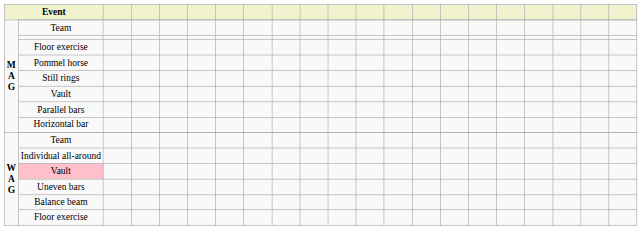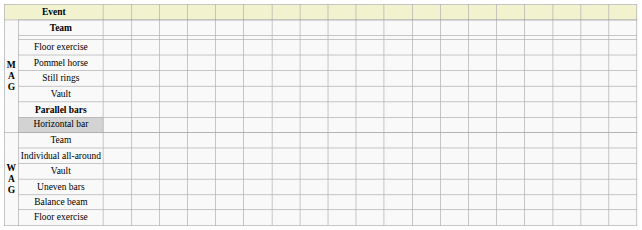 <table class="wikitable" style="margin-top:0em; text-align:center; font-size:91%;">
 <tr>
 <th style="background-color:#f2f2ce; width:10.0em;" colspan=2>Event</th>
 <th style="background-color:#f2f2ce; width:2.5em;"><br></th>
 <th style="background-color:#f2f2ce; width:2.5em;"><br></th>
 <th style="background-color:#f2f2ce; width:2.5em;"><br></th>
 <th style="background-color:#f2f2ce; width:2.5em;"><br></th>
 <th style="background-color:#f2f2ce; width:2.5em;"><br></th>
 <th style="background-color:#f2f2ce; width:2.5em;"><br></th>
 <th style="background-color:#f2f2ce; width:2.5em;"><br></th>
 <th style="background-color:#f2f2ce; width:2.5em;"><br></th>
 <th style="background-color:#f2f2ce; width:2.5em;"><br></th>
 <th style="background-color:#f2f2ce; width:2.5em;"><br></th>
 <th style="background-color:#f2f2ce; width:2.5em;"><br></th>
 <th style="background-color:#f2f2ce; width:2.5em;"><br></th>
 <th style="background-color:#f2f2ce; width:2.5em;"><br></th>
 <th style="background-color:#f2f2ce; width:2.5em;"><br></th>
 <th style="background-color:#f2f2ce; width:2.5em;"><br></th>
 <th style="background-color:#f2f2ce; width:2.5em;"><br></th>
 <th style="background-color:#f2f2ce; width:2.5em;"><br></th>
 <th style="background-color:#f2f2ce; width:2.5em;"><br></th>
 <th style="background-color:#f2f2ce; width:2.5em;"><br></th>
 </tr>
 <tr>
 <td rowspan=9 border=0 cellpadding="0" cellspacing="0"><strong>M<br>A<br>G</strong></td>
 </tr>
 <tr>
-<td>Team</td>
+<td><strong>Team</strong></td>
 <td> </td>
 <td></td>
 <td></td>
 <td></td>
 <td></td>
 <td></td>
 <td> </td>
 <td> </td>
 <td> </td>
 <td></td>
 <td></td>
 <td> </td>
 <td></td>
 <td></td>
 <td></td>
 <td> </td>
 <td> </td>
 <td></td>
 <td></td>
 </tr>
 <tr>
 <td></td>
 <td> </td>
 <td></td>
 <td></td>
 <td></td>
 <td></td>
 <td></td>
 <td> </td>
 <td> </td>
 <td> </td>
 <td></td>
 <td> </td>
 <td></td>
 <td></td>
 <td></td>
 <td></td>
 <td> </td>
 <td> </td>
 <td></td>
 <td></td>
 </tr>
 <tr>
 <td>Floor exercise</td>
 <td> </td>
 <td></td>
 <td></td>
 <td> </td>
 <td></td>
 <td></td>
 <td> </td>
 <td> </td>
 <td> </td>
 <td></td>
 <td> </td>
 <td> </td>
 <td></td>
 <td> </td>
 <td></td>
 <td></td>
 <td> </td>
 <td></td>
 <td> </td>
 </tr>
 <tr>
 <td>Pommel horse</td>
 <td> </td>
 <td></td>
 <td></td>
 <td></td>
 <td> </td>
 <td> </td>
 <td> </td>
 <td> </td>
 <td> </td>
 <td></td>
 <td></td>
 <td> </td>
 <td></td>
 <td></td>
 <td></td>
 <td> </td>
 <td> </td>
 <td></td>
 <td></td>
 </tr>
 <tr>
 <td>Still rings</td>
 <td> </td>
 <td> </td>
 <td></td>
 <td></td>
 <td> </td>
 <td> </td>
 <td> </td>
 <td> </td>
 <td></td>
 <td></td>
 <td></td>
 <td> </td>
 <td></td>
 <td></td>
 <td> </td>
 <td> </td>
 <td></td>
 <td> </td>
 <td></td>
 </tr>
 <tr>
 <td>Vault</td>
 <td> </td>
 <td> </td>
 <td> </td>
 <td></td>
 <td></td>
 <td></td>
 <td> </td>
 <td> </td>
 <td> </td>
 <td> </td>
 <td> </td>
 <td> </td>
 <td></td>
 <td></td>
 <td></td>
 <td> </td>
 <td> </td>
 <td> </td>
 <td> </td>
 </tr>
 <tr>
-<td>Parallel bars</td>
+<td><strong>Parallel bars</strong></td>
 <td> </td>
 <td></td>
 <td></td>
 <td></td>
 <td></td>
 <td></td>
 <td> </td>
 <td> </td>
 <td> </td>
 <td></td>
 <td> </td>
 <td> </td>
 <td></td>
 <td></td>
 <td></td>
 <td></td>
 <td> </td>
 <td> </td>
 <td></td>
 </tr>
 <tr>
-<td>Horizontal bar</td>
+<td style="background: lightgrey;">Horizontal bar</td>
 <td> </td>
 <td> </td>
 <td></td>
 <td></td>
 <td></td>
 <td></td>
 <td> </td>
 <td> </td>
 <td> </td>
 <td></td>
 <td> </td>
 <td> </td>
 <td></td>
 <td></td>
 <td></td>
 <td> </td>
 <td></td>
 <td> </td>
 <td></td>
 </tr>
 <tr>
 <td rowspan=7 border=0 cellpadding="0" cellspacing="0"><strong>W<br>A<br>G</strong></td>
 </tr>
 <tr>
 <td>Team</td>
 <td> </td>
 <td></td>
 <td></td>
 <td></td>
 <td></td>
 <td></td>
 <td> </td>
 <td></td>
 <td> </td>
 <td></td>
 <td></td>
 <td> </td>
 <td> </td>
 <td></td>
 <td></td>
 <td> </td>
 <td> </td>
 <td></td>
 <td></td>
 </tr>
 <tr>
 <td>Individual all-around</td>
 <td> </td>
 <td></td>
 <td></td>
 <td></td>
 <td></td>
 <td></td>
 <td> </td>
 <td></td>
 <td> </td>
 <td></td>
 <td> </td>
 <td> </td>
 <td></td>
 <td></td>
 <td></td>
 <td></td>
 <td> </td>
 <td></td>
 <td></td>
 </tr>
 <tr>
-<td style="background: pink;">Vault</td>
+<td>Vault</td>
 <td> </td>
 <td> </td>
 <td></td>
 <td> </td>
 <td></td>
 <td></td>
 <td> </td>
 <td></td>
 <td> </td>
 <td></td>
 <td> </td>
 <td> </td>
 <td></td>
 <td></td>
 <td></td>
 <td> </td>
 <td> </td>
 <td> </td>
 <td></td>
 </tr>
 <tr>
 <td>Uneven bars</td>
 <td> </td>
 <td></td>
 <td></td>
 <td></td>
 <td></td>
 <td></td>
 <td> </td>
 <td></td>
 <td> </td>
 <td></td>
 <td> </td>
 <td> </td>
 <td></td>
 <td></td>
 <td></td>
 <td></td>
 <td> </td>
 <td></td>
 <td></td>
 </tr>
 <tr>
 <td>Balance beam</td>
 <td> </td>
 <td></td>
 <td></td>
 <td></td>
 <td></td>
 <td></td>
 <td> </td>
 <td></td>
 <td> </td>
 <td></td>
 <td> </td>
 <td> </td>
 <td></td>
 <td></td>
 <td></td>
 <td> </td>
 <td></td>
 <td></td>
 <td></td>
 </tr>
 <tr>
 <td>Floor exercise</td>
 <td> </td>
 <td></td>
 <td></td>
 <td></td>
 <td></td>
 <td></td>
 <td> </td>
 <td> </td>
 <td> </td>
 <td></td>
 <td> </td>
 <td> </td>
 <td></td>
 <td></td>
 <td></td>
 <td></td>
 <td> </td>
 <td></td>
 <td></td>
 </tr>
 </table>
